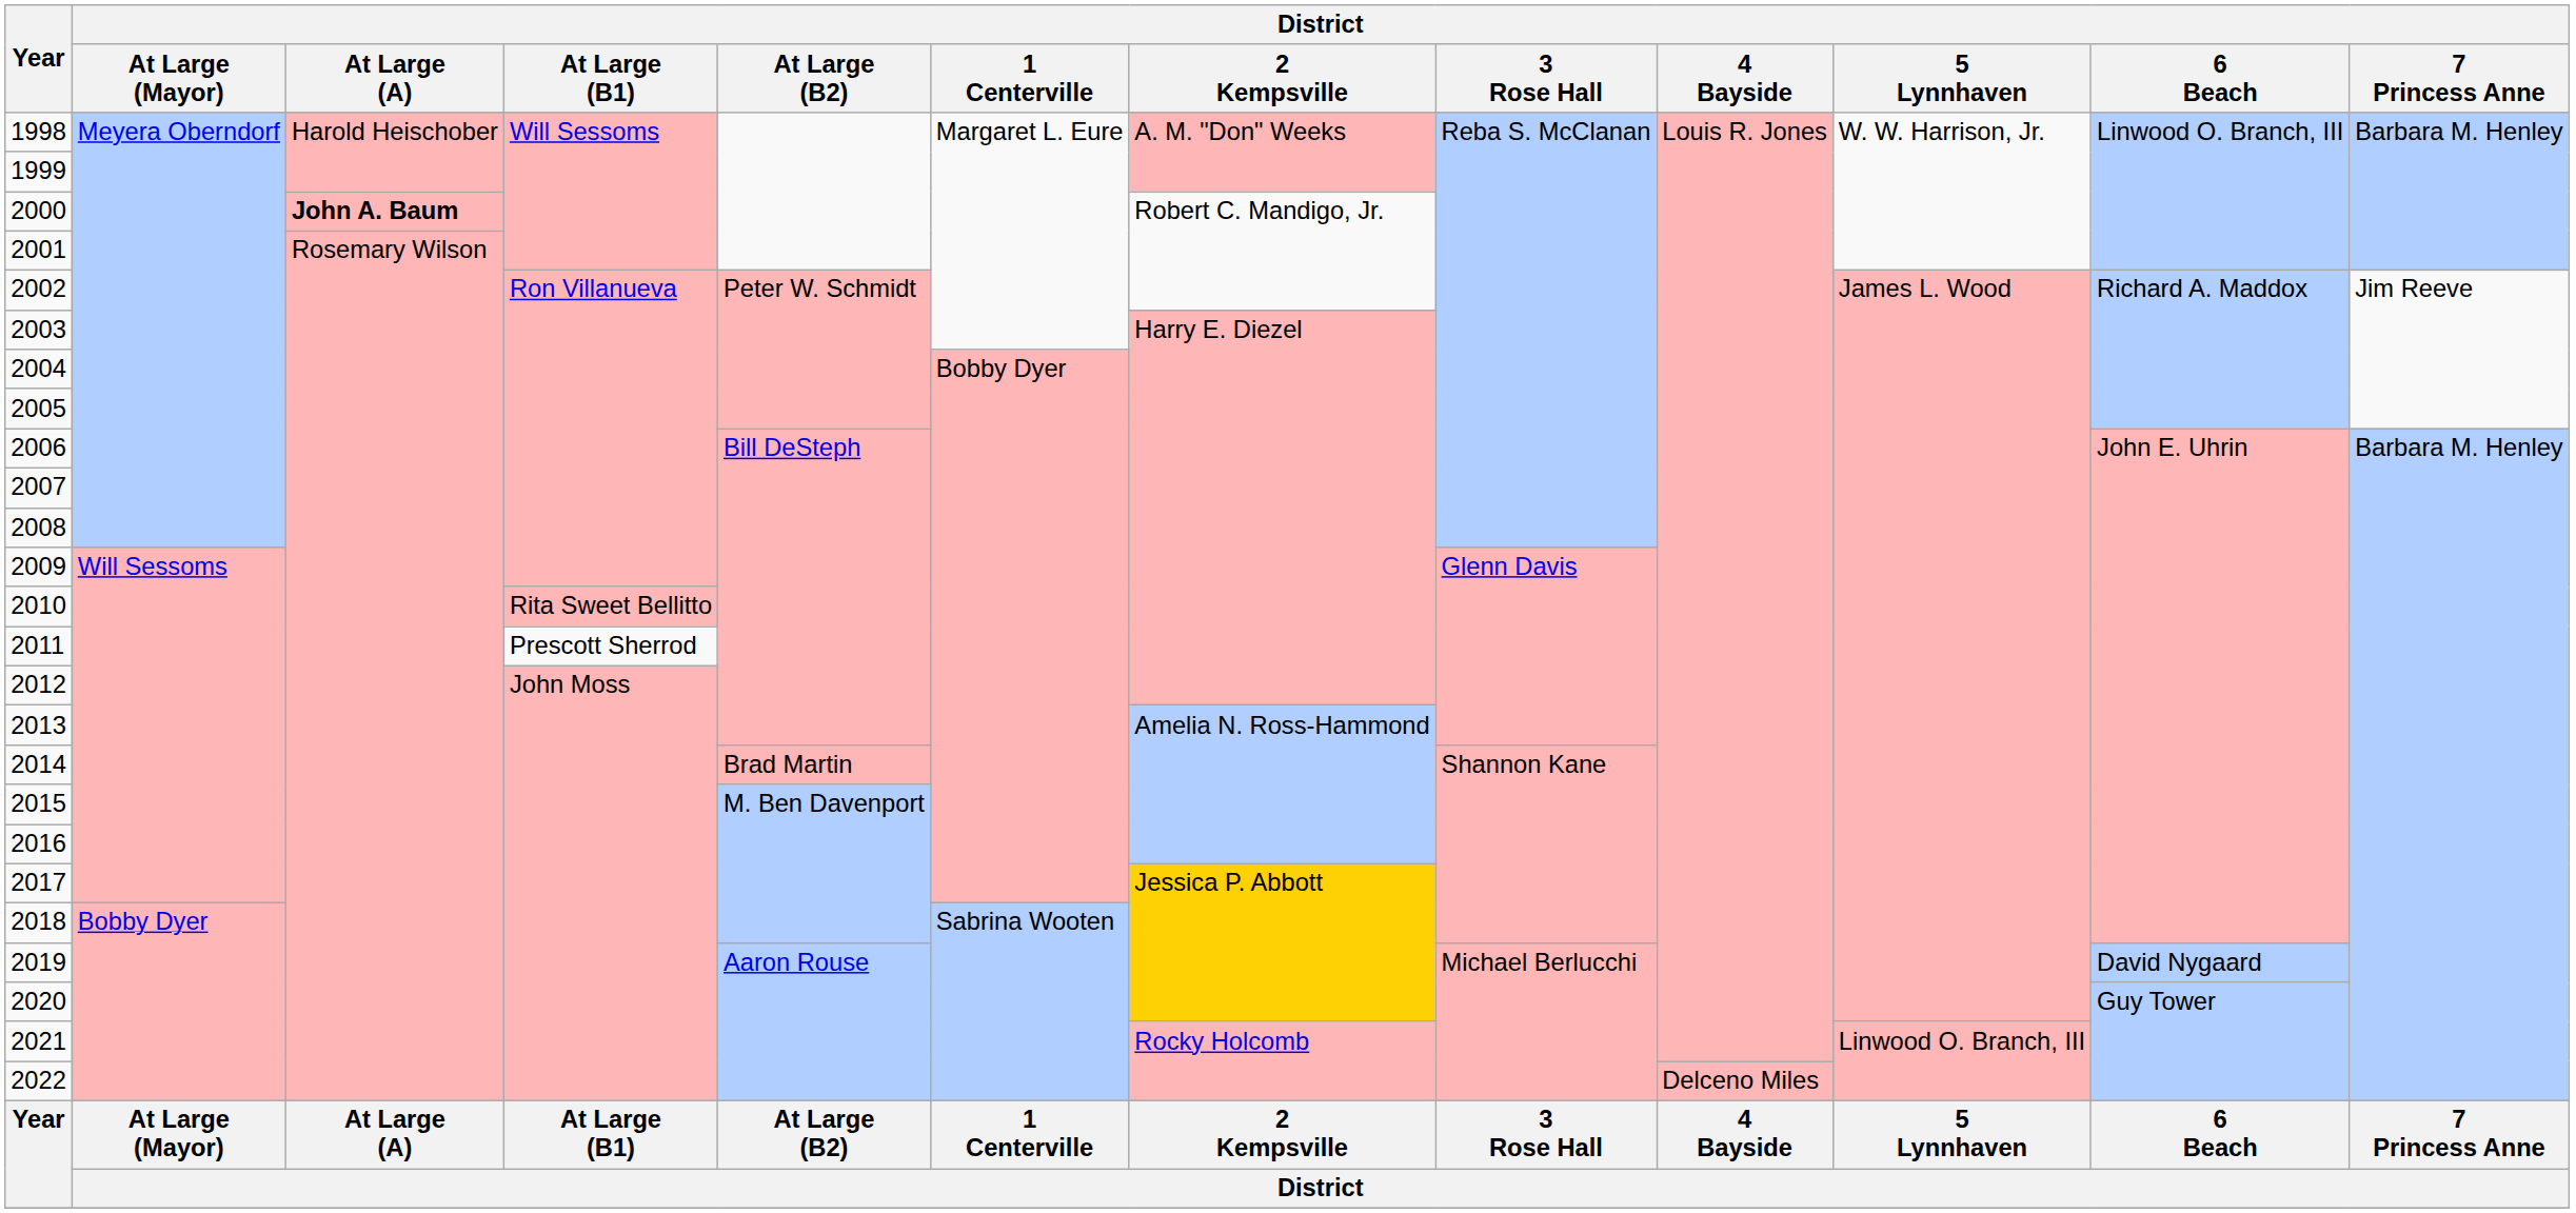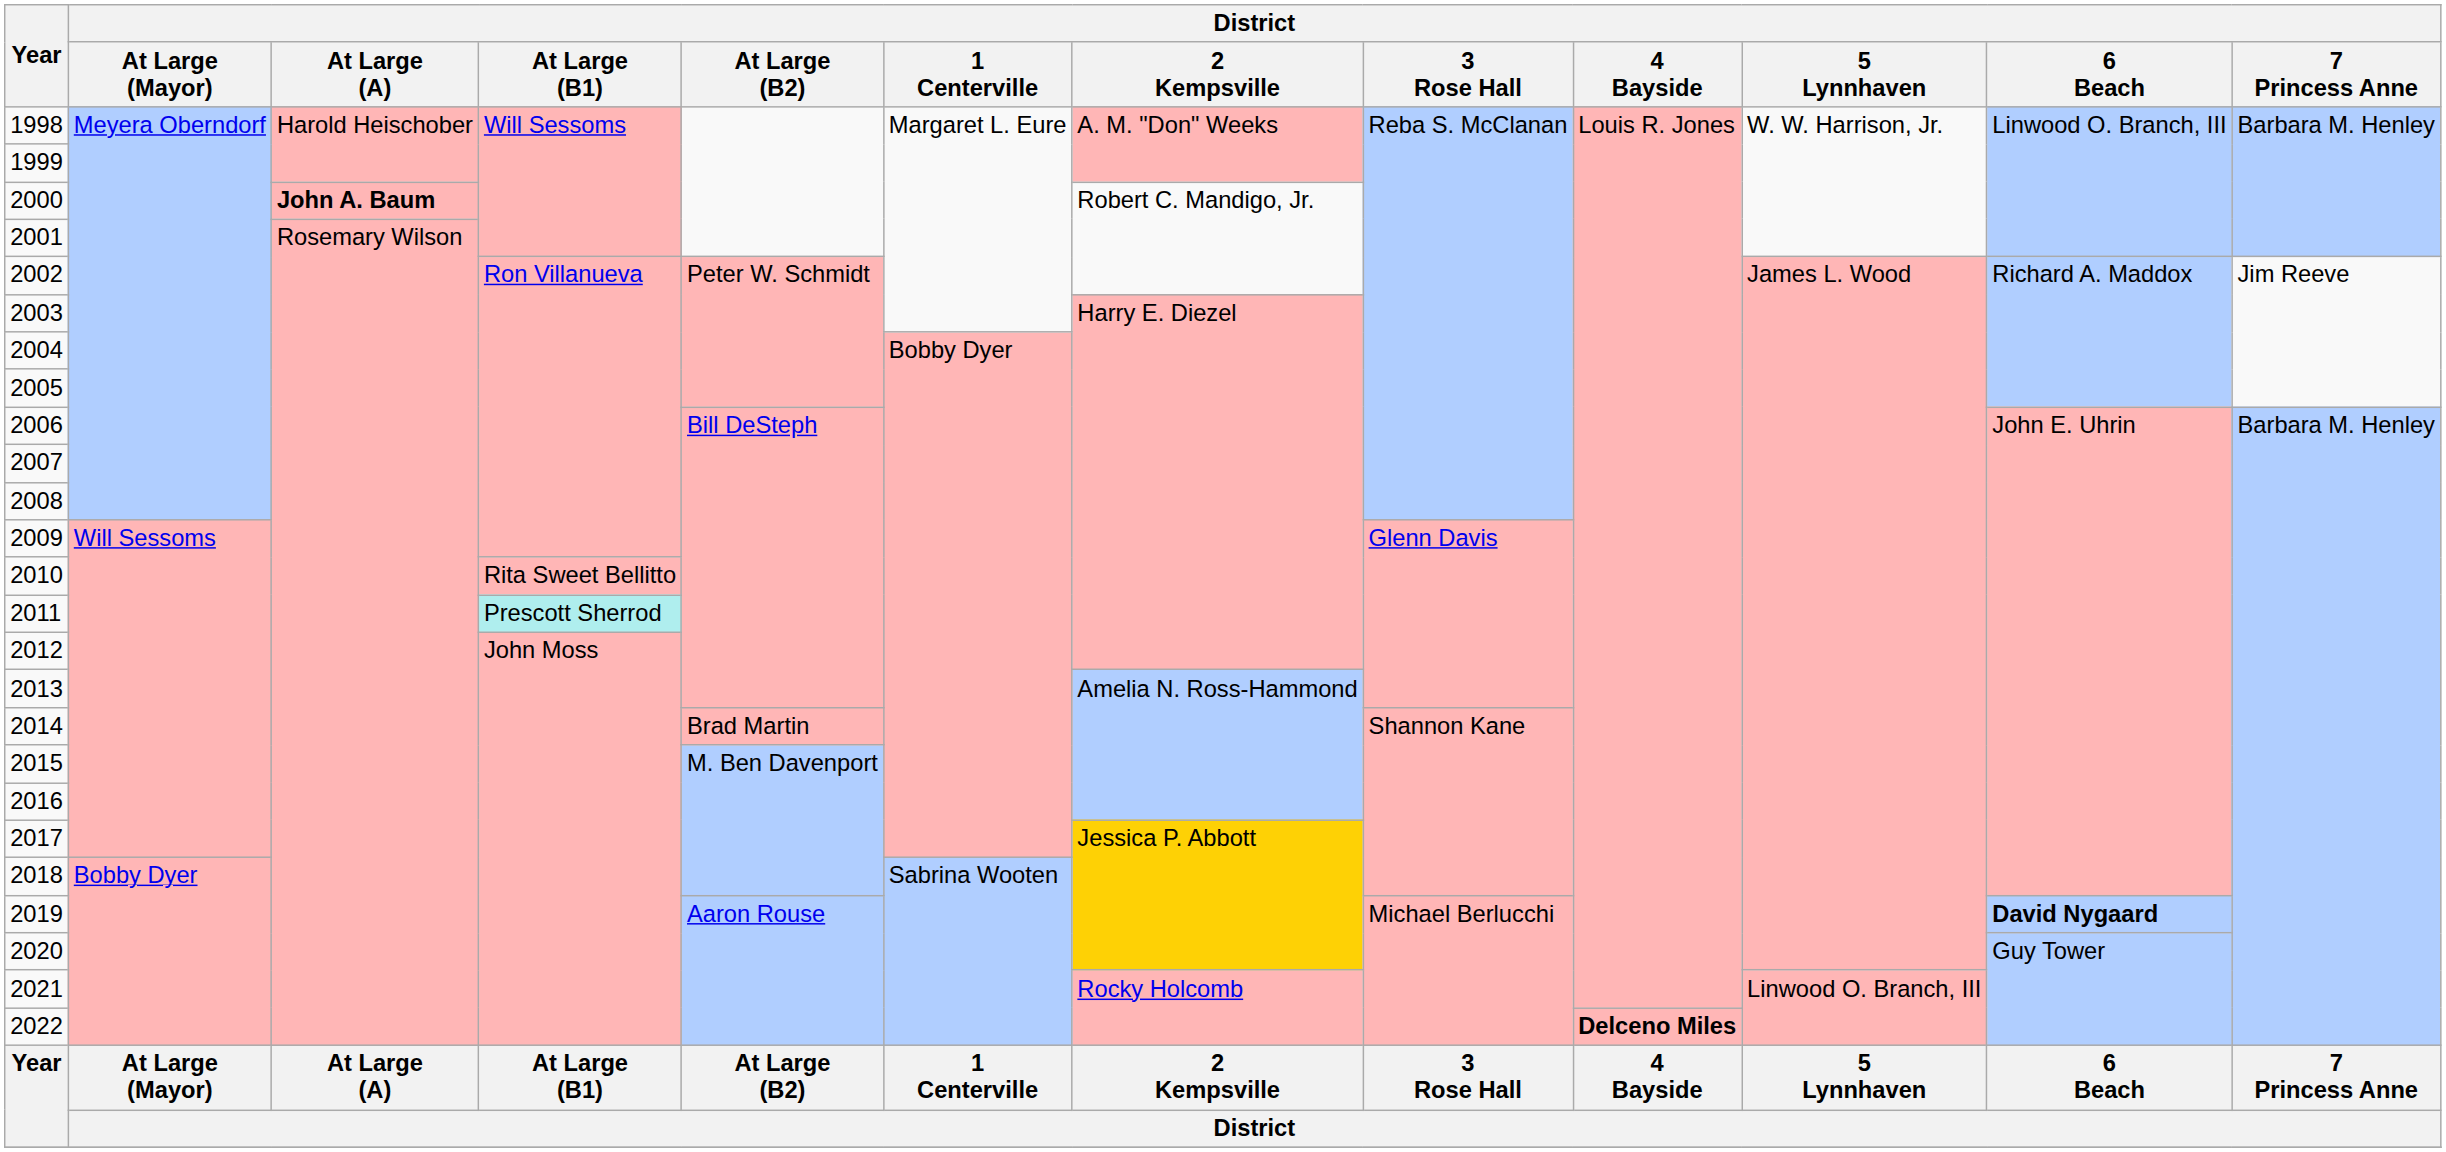 <table class="wikitable">
 <tr>
 <th rowspan="2">Year</th>
 <th colspan="11">District</th>
 </tr>
 <tr>
 <th>At Large<br>(Mayor)</th>
 <th>At Large<br>(A)</th>
 <th>At Large<br>(B1)</th>
 <th>At Large<br>(B2)</th>
 <th>1<br>Centerville</th>
 <th>2<br>Kempsville</th>
 <th>3<br>Rose Hall</th>
 <th>4<br>Bayside</th>
 <th>5<br>Lynnhaven</th>
 <th>6<br>Beach</th>
 <th>7<br>Princess Anne</th>
 </tr>
 <tr valign=top>
 <td>1998</td>
 <td style="background-color:#B0CEFF"; rowspan="11"><a href='#'>Meyera Oberndorf</a></td>
 <td style="background-color:#FFB6B6"; rowspan="2">Harold Heischober</td>
 <td style="background-color:#FFB6B6"; rowspan="4"><a href='#'>Will Sessoms</a></td>
 <td rowspan="4"></td>
 <td rowspan="6">Margaret L. Eure</td>
 <td style="background-color:#FFB6B6"; rowspan="2">A. M. "Don" Weeks</td>
 <td style="background-color:#B0CEFF"; rowspan="11">Reba S. McClanan</td>
 <td style="background-color:#FFB6B6"; rowspan="24">Louis R. Jones</td>
 <td rowspan="4">W. W. Harrison, Jr.</td>
 <td style="background-color:#B0CEFF"; rowspan="4">Linwood O. Branch, III</td>
 <td style="background-color:#B0CEFF"; rowspan="4">Barbara M. Henley</td>
 </tr>
 <tr valign=top>
 <td>1999</td>
 </tr>
 <tr valign=top>
 <td>2000</td>
 <td style="background-color:#FFB6B6"; rowspan="1"><strong>John A. Baum</strong></td>
 <td rowspan="3">Robert C. Mandigo, Jr.</td>
 </tr>
 <tr valign=top>
 <td>2001</td>
 <td style="background-color:#FFB6B6"; rowspan="22">Rosemary Wilson</td>
 </tr>
 <tr valign=top>
 <td>2002</td>
 <td style="background-color:#FFB6B6"; rowspan="8"><a href='#'>Ron Villanueva</a></td>
 <td style="background-color:#FFB6B6"; rowspan="4">Peter W. Schmidt</td>
 <td style="background-color:#FFB6B6"; rowspan="19">James L. Wood</td>
 <td style="background-color:#B0CEFF"; rowspan="4">Richard A. Maddox</td>
 <td rowspan="4">Jim Reeve</td>
 </tr>
 <tr valign=top>
 <td>2003</td>
 <td style="background-color:#FFB6B6"; rowspan="10">Harry E. Diezel</td>
 </tr>
 <tr valign=top>
 <td>2004</td>
 <td style="background-color:#FFB6B6"; rowspan="14">Bobby Dyer</td>
 </tr>
 <tr valign=top>
 <td>2005</td>
 </tr>
 <tr valign=top>
 <td>2006</td>
 <td style="background-color:#FFB6B6"; rowspan="8"><a href='#'>Bill DeSteph</a></td>
 <td style="background-color:#FFB6B6"; rowspan="13">John E. Uhrin</td>
 <td style="background-color:#B0CEFF"; rowspan="17">Barbara M. Henley</td>
 </tr>
 <tr valign=top>
 <td>2007</td>
 </tr>
 <tr valign=top>
 <td>2008</td>
 </tr>
 <tr valign=top>
 <td>2009</td>
 <td style="background-color:#FFB6B6"; rowspan="9"><a href='#'>Will Sessoms</a></td>
 <td style="background-color:#FFB6B6"; rowspan="5"><a href='#'>Glenn Davis</a></td>
 </tr>
 <tr valign=top>
 <td>2010</td>
 <td style="background-color:#FFB6B6"; rowspan="1">Rita Sweet Bellitto</td>
 </tr>
 <tr valign=top>
 <td>2011</td>
-<td rowspan="1">Prescott Sherrod</td>
+<td rowspan="1" style="background: paleturquoise;">Prescott Sherrod</td>
 </tr>
 <tr valign=top>
 <td>2012</td>
 <td style="background-color:#FFB6B6"; rowspan="11">John Moss</td>
 </tr>
 <tr valign=top>
 <td>2013</td>
 <td style="background-color:#B0CEFF"; rowspan="4">Amelia N. Ross-Hammond</td>
 </tr>
 <tr valign=top>
 <td>2014</td>
 <td style="background-color:#FFB6B6"; rowspan="1">Brad Martin</td>
 <td style="background-color:#FFB6B6"; rowspan="5">Shannon Kane</td>
 </tr>
 <tr valign=top>
 <td>2015</td>
 <td style="background-color:#B0CEFF"; rowspan="4">M. Ben Davenport</td>
 </tr>
 <tr valign=top>
 <td>2016</td>
 </tr>
 <tr valign=top>
 <td>2017</td>
 <td style="background-color:#FED105"; rowspan="4">Jessica P. Abbott</td>
 </tr>
 <tr valign=top>
 <td>2018</td>
 <td style="background-color:#FFB6B6"; rowspan="5"><a href='#'>Bobby Dyer</a></td>
 <td style="background-color:#B0CEFF"; rowspan="5">Sabrina Wooten</td>
 </tr>
 <tr valign=top>
 <td>2019</td>
 <td style="background-color:#B0CEFF"; rowspan="4"><a href='#'>Aaron Rouse</a></td>
 <td style="background-color:#FFB6B6"; rowspan="4">Michael Berlucchi</td>
-<td style="background-color:#B0CEFF"; rowspan="1">David Nygaard</td>
+<td style="background-color:#B0CEFF"; rowspan="1"><strong>David Nygaard</strong></td>
 </tr>
 <tr valign=top>
 <td>2020</td>
 <td style="background-color:#B0CEFF"; rowspan="3">Guy Tower</td>
 </tr>
 <tr valign=top>
 <td>2021</td>
 <td style="background-color:#FFB6B6"; rowspan="2"><a href='#'>Rocky Holcomb</a></td>
 <td style="background-color:#FFB6B6"; rowspan="2">Linwood O. Branch, III</td>
 </tr>
 <tr valign=top>
 <td>2022</td>
-<td style="background-color:#FFB6B6"; rowspan="1">Delceno Miles</td>
+<td style="background-color:#FFB6B6"; rowspan="1"><strong>Delceno Miles</strong></td>
 </tr>
 <tr valign=top>
 <th rowspan="2">Year</th>
 <th rowspan="1">At Large<br>(Mayor)</th>
 <th>At Large<br>(A)</th>
 <th>At Large<br>(B1)</th>
 <th>At Large<br>(B2)</th>
 <th>1<br>Centerville</th>
 <th>2<br>Kempsville</th>
 <th>3<br>Rose Hall</th>
 <th>4<br>Bayside</th>
 <th>5<br>Lynnhaven</th>
 <th>6<br>Beach</th>
 <th>7<br>Princess Anne</th>
 </tr>
 <tr>
 <th colspan="11">District</th>
 </tr>
 <tr valign=top>
 </tr>
 </table>
